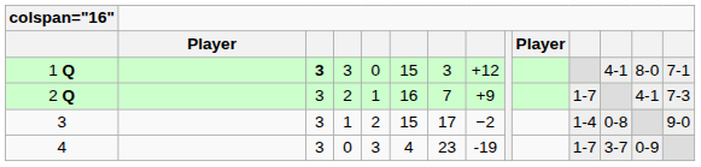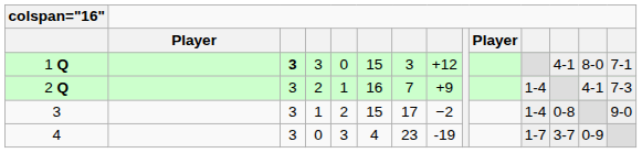 <table class=wikitable style=text-align:center>
 <tr>
 <th>colspan="16" </th>
 </tr>
 <tr>
 <th width=20 abbr=Position></th>
 <th width=175>Player</th>
 <th width=20 abbr=Played></th>
 <th width=20 abbr=Won></th>
 <th width=20 abbr=Lost></th>
 <th width=30 abbr=Points for></th>
 <th width=30 abbr=Points against></th>
 <th width=30 abbr=Points difference></th>
 <th rowspan="5" abbr=H2H></th>
 <th>Player</th>
 <th></th>
 <th></th>
 <th></th>
 <th></th>
 </tr>
 <tr bgcolor=#CCFFCC>
 <td>1 <strong>Q</strong></td>
 <td align=left></td>
 <td><strong>3</strong></td>
 <td>3</td>
 <td>0</td>
 <td>15</td>
 <td>3</td>
 <td>+12</td>
 <td></td>
 <td bgcolor="#dddddd"> </td>
 <td bgcolor="#efefef">4-1</td>
 <td bgcolor="#efefef">8-0</td>
 <td bgcolor="#efefef">7-1</td>
 </tr>
 <tr bgcolor=#CCFFCC>
 <td>2 <strong>Q</strong></td>
 <td align=left></td>
 <td>3</td>
 <td>2</td>
 <td>1</td>
 <td>16</td>
 <td>7</td>
 <td>+9</td>
 <td></td>
-<td bgcolor="#efefef">1-7</td>
+<td bgcolor="#efefef">1-4</td>
 <td bgcolor="#dddddd"> </td>
 <td bgcolor="#efefef">4-1</td>
 <td bgcolor="#efefef">7-3</td>
 </tr>
 <tr>
 <td>3 </td>
 <td align=left></td>
 <td>3</td>
 <td>1</td>
 <td>2</td>
 <td>15</td>
 <td>17</td>
 <td>−2</td>
 <td></td>
 <td bgcolor="#efefef">1-4</td>
 <td bgcolor="#efefef">0-8</td>
 <td bgcolor="#dddddd"> </td>
 <td bgcolor="#efefef">9-0</td>
 </tr>
 <tr>
 <td>4 </td>
 <td align=left></td>
 <td>3</td>
 <td>0</td>
 <td>3</td>
 <td>4</td>
 <td>23</td>
 <td>-19</td>
 <td></td>
 <td bgcolor="#efefef">1-7</td>
 <td bgcolor="#efefef">3-7</td>
 <td bgcolor="#efefef">0-9</td>
 <td bgcolor="#dddddd"> </td>
 </tr>
 </table>
